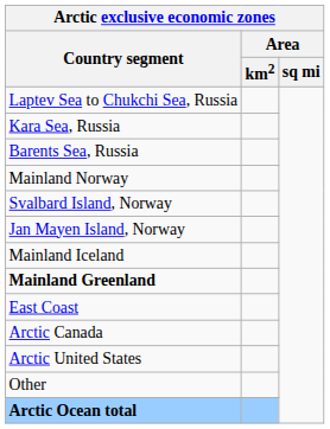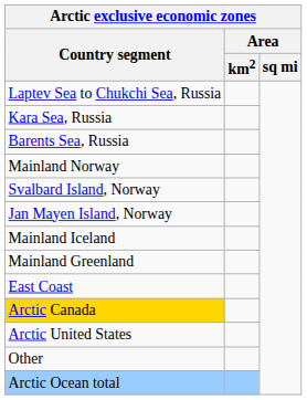 <table class="wikitable sortable" style="font-size:100%">
 <tr>
 <th colspan=3>Arctic <a href='#'>exclusive economic zones</a></th>
 </tr>
 <tr>
 <th rowspan=2>Country segment</th>
 <th colspan=2>Area</th>
 </tr>
 <tr>
 <th>km<sup>2</sup></th>
 <th>sq mi</th>
 </tr>
 <tr>
 <td><a href='#'>Laptev Sea</a> to <a href='#'>Chukchi Sea</a>, Russia</td>
 <td></td>
 </tr>
 <tr>
 <td><a href='#'>Kara Sea</a>, Russia</td>
 <td></td>
 </tr>
 <tr>
 <td><a href='#'>Barents Sea</a>, Russia</td>
 <td></td>
 </tr>
 <tr>
 <td>Mainland Norway</td>
 <td></td>
 </tr>
 <tr>
 <td><a href='#'>Svalbard Island</a>, Norway</td>
 <td></td>
 </tr>
 <tr>
 <td><a href='#'>Jan Mayen Island</a>, Norway</td>
 <td></td>
 </tr>
 <tr>
 <td>Mainland Iceland</td>
 <td></td>
 </tr>
 <tr>
-<td><strong>Mainland Greenland</strong></td>
+<td>Mainland Greenland</td>
 <td></td>
 </tr>
 <tr>
 <td><a href='#'>East Coast</a></td>
 <td></td>
 </tr>
 <tr>
-<td><a href='#'>Arctic</a> Canada</td>
+<td style="background: gold;"><a href='#'>Arctic</a> Canada</td>
 <td></td>
 </tr>
 <tr>
 <td><a href='#'>Arctic</a> United States</td>
 <td></td>
 </tr>
 <tr>
 <td>Other</td>
 <td></td>
 </tr>
 <tr style="background:#9acdff;">
-<td><strong>Arctic Ocean total</strong></td>
+<td>Arctic Ocean total</td>
 <td></td>
 </tr>
 </table>
